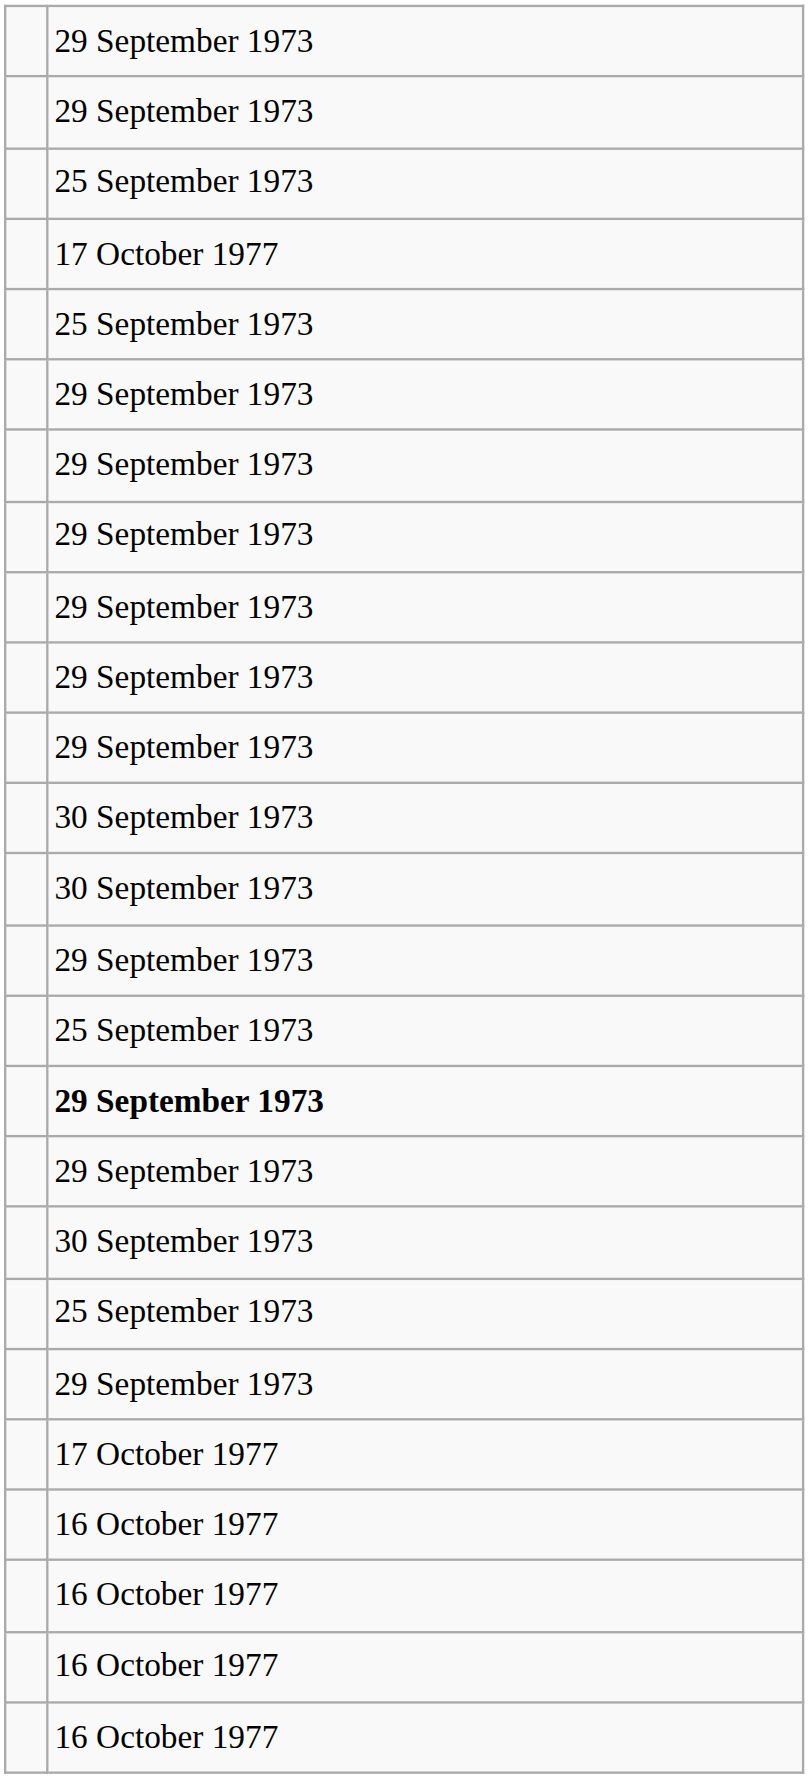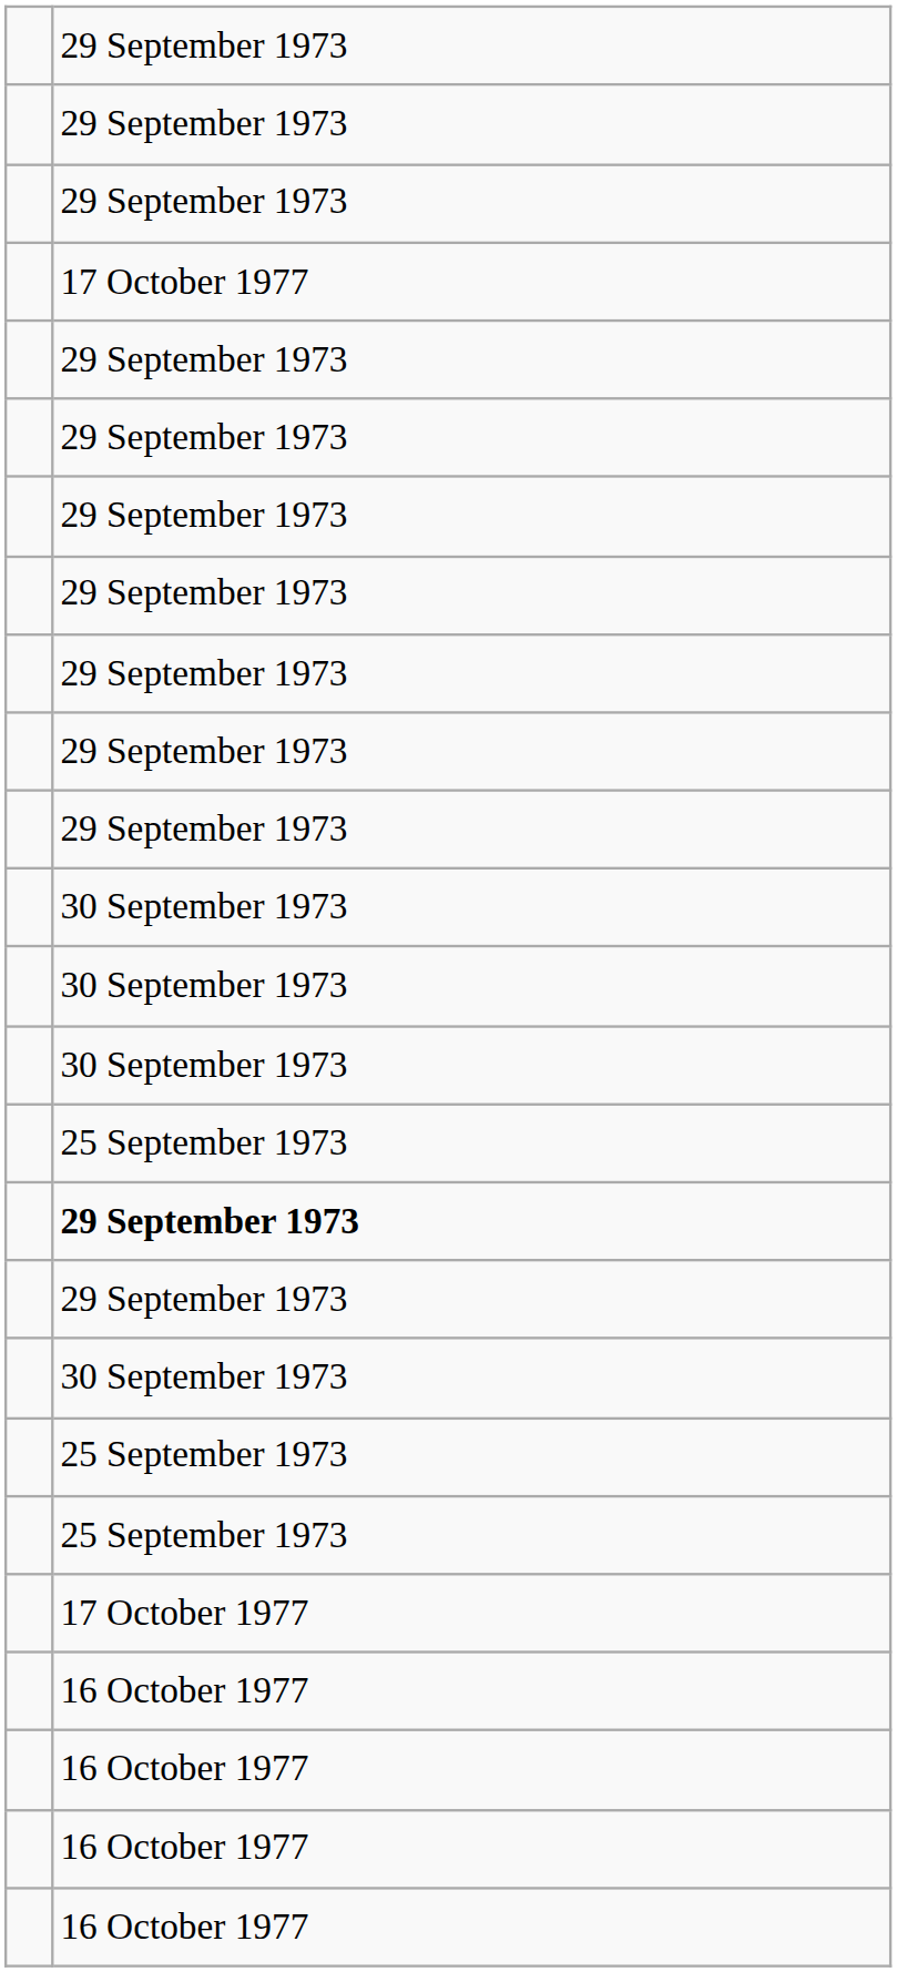 <table class="wikitable" style="font-size: 89%; float: left; width: 24em; margin-right: 1em; line-height: 1.65em">
 <tr>
 <td></td>
 <td>29 September 1973</td>
 </tr>
 <tr>
 <td></td>
 <td>29 September 1973</td>
 </tr>
 <tr>
 <td></td>
-<td>25 September 1973</td>
+<td>29 September 1973</td>
 </tr>
 <tr>
 <td></td>
 <td>17 October 1977</td>
 </tr>
 <tr>
 <td></td>
-<td>25 September 1973</td>
+<td>29 September 1973</td>
 </tr>
 <tr>
 <td></td>
 <td>29 September 1973</td>
 </tr>
 <tr>
 <td></td>
 <td>29 September 1973</td>
 </tr>
 <tr>
 <td></td>
 <td>29 September 1973</td>
 </tr>
 <tr>
 <td></td>
 <td>29 September 1973</td>
 </tr>
 <tr>
 <td></td>
 <td>29 September 1973</td>
 </tr>
 <tr>
 <td></td>
 <td>29 September 1973</td>
 </tr>
 <tr>
 <td></td>
 <td>30 September 1973</td>
 </tr>
 <tr>
 <td></td>
 <td>30 September 1973</td>
 </tr>
 <tr>
 <td></td>
-<td>29 September 1973</td>
+<td>30 September 1973</td>
 </tr>
 <tr>
 <td></td>
 <td>25 September 1973</td>
 </tr>
 <tr>
 <td></td>
 <td><strong>29 September 1973</strong></td>
 </tr>
 <tr>
 <td></td>
 <td>29 September 1973</td>
 </tr>
 <tr>
 <td></td>
 <td>30 September 1973</td>
 </tr>
 <tr>
 <td></td>
 <td>25 September 1973</td>
 </tr>
 <tr>
 <td></td>
-<td>29 September 1973</td>
+<td>25 September 1973</td>
 </tr>
 <tr>
 <td></td>
 <td>17 October 1977</td>
 </tr>
 <tr>
 <td></td>
 <td>16 October 1977</td>
 </tr>
 <tr>
 <td></td>
 <td>16 October 1977</td>
 </tr>
 <tr>
 <td></td>
 <td>16 October 1977</td>
 </tr>
 <tr>
 <td></td>
 <td>16 October 1977</td>
 </tr>
 </table>
